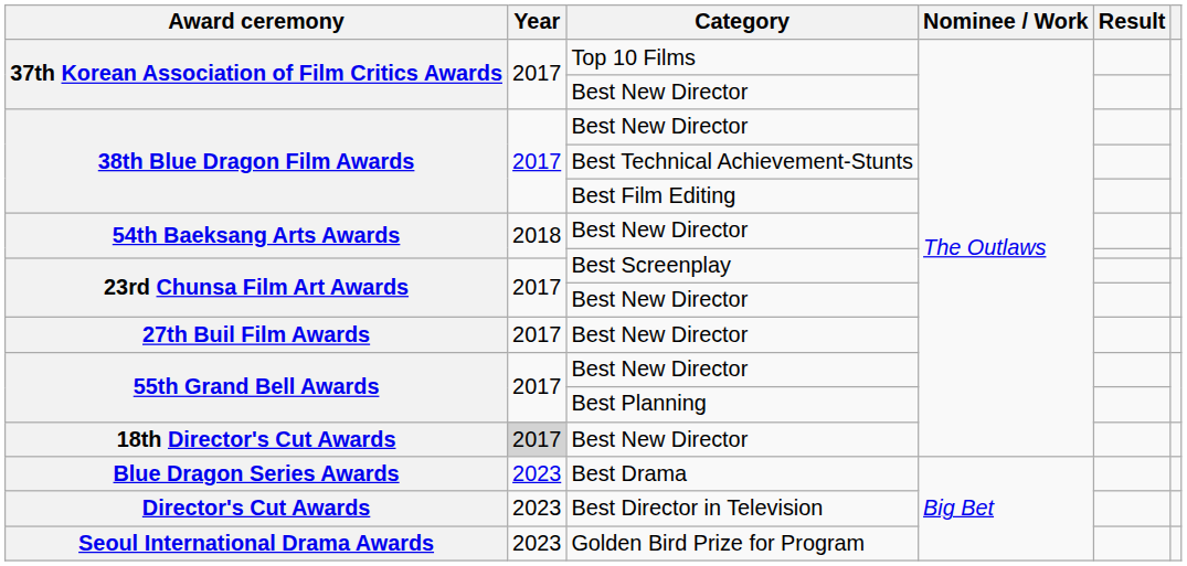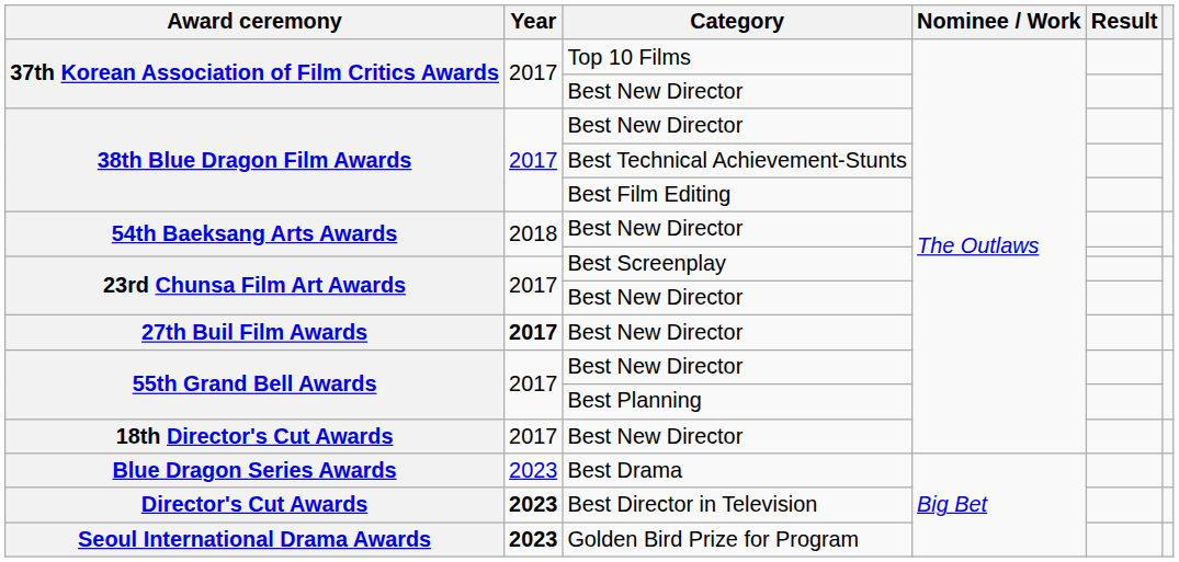 <table class="wikitable plainrowheaders sortable">
 <tr>
 <th scope="col">Award ceremony </th>
 <th scope="col">Year</th>
 <th scope="col">Category </th>
 <th scope="col">Nominee / Work</th>
 <th scope="col">Result</th>
 <th scope="col" class="unsortable"></th>
 </tr>
 <tr>
 <th scope="row" rowspan="2">37th <a href='#'>Korean Association of Film Critics Awards</a></th>
 <td align="center" rowspan="2">2017</td>
 <td>Top 10 Films</td>
 <td rowspan="13"><em><a href='#'>The Outlaws</a></em></td>
 <td></td>
 <td rowspan=2></td>
 </tr>
 <tr>
 <td>Best New Director</td>
 <td></td>
 </tr>
 <tr>
 <th scope="row" rowspan="3"><a href='#'>38th Blue Dragon Film Awards</a></th>
 <td align="center" rowspan="3"><a href='#'>2017</a></td>
 <td>Best New Director</td>
 <td></td>
 <td rowspan="3"></td>
 </tr>
 <tr>
 <td>Best Technical Achievement-Stunts</td>
 <td></td>
 </tr>
 <tr>
 <td>Best Film Editing</td>
 <td></td>
 </tr>
 <tr>
 <th scope="row" rowspan="2"><a href='#'>54th Baeksang Arts Awards</a></th>
 <td align="center" rowspan="2">2018</td>
 <td>Best New Director</td>
 <td></td>
 <td rowspan="2"></td>
 </tr>
 <tr>
 <td rowspan=2>Best Screenplay</td>
 <td></td>
 </tr>
 <tr>
 <th scope="row" rowspan="2">23rd <a href='#'>Chunsa Film Art Awards</a></th>
 <td align="center" rowspan="2">2017</td>
 <td></td>
 <td rowspan="2"></td>
 </tr>
 <tr>
 <td>Best New Director</td>
 <td></td>
 </tr>
 <tr>
 <th scope="row"><a href='#'>27th Buil Film Awards</a></th>
-<td align="center">2017</td>
+<td align="center"><strong>2017</strong></td>
 <td>Best New Director</td>
 <td></td>
 <td></td>
 </tr>
 <tr>
 <th scope="row" rowspan="2"><a href='#'>55th Grand Bell Awards</a></th>
 <td align="center" rowspan="2">2017</td>
 <td>Best New Director</td>
 <td></td>
 <td rowspan="2"></td>
 </tr>
 <tr>
 <td>Best Planning</td>
 <td></td>
 </tr>
 <tr>
 <th scope="row">18th <a href='#'>Director's Cut Awards</a></th>
-<td align="center" style="background: lightgrey;">2017</td>
+<td align="center">2017</td>
 <td>Best New Director</td>
 <td></td>
 <td></td>
 </tr>
 <tr>
 <th scope="row"><a href='#'>Blue Dragon Series Awards</a></th>
 <td align="center"><a href='#'>2023</a></td>
 <td>Best Drama</td>
 <td rowspan="3"><em><a href='#'>Big Bet</a></em></td>
 <td></td>
 <td style="text-align:center"></td>
 </tr>
 <tr>
 <th scope="row"><a href='#'>Director's Cut Awards</a></th>
-<td align="center">2023</td>
+<td align="center"><strong>2023</strong></td>
 <td>Best Director in Television</td>
 <td></td>
 <td></td>
 </tr>
 <tr>
 <th scope="row"><a href='#'>Seoul International Drama Awards</a></th>
-<td align="center">2023</td>
+<td align="center"><strong>2023</strong></td>
 <td>Golden Bird Prize for Program</td>
 <td></td>
 <td></td>
 </tr>
 </table>
